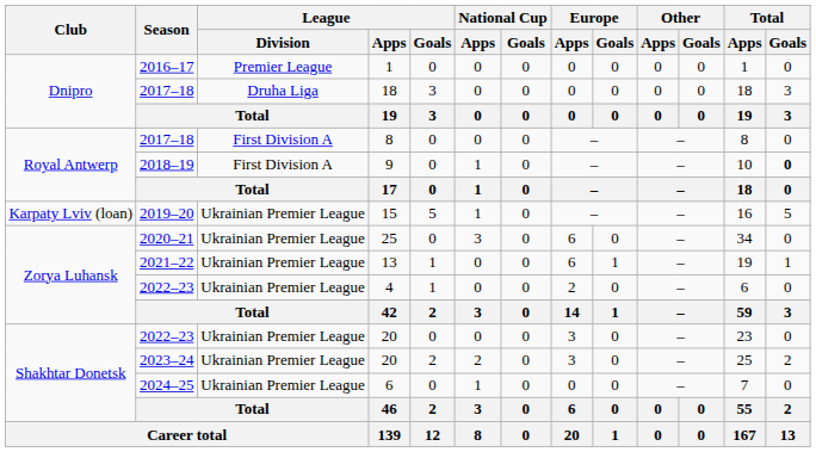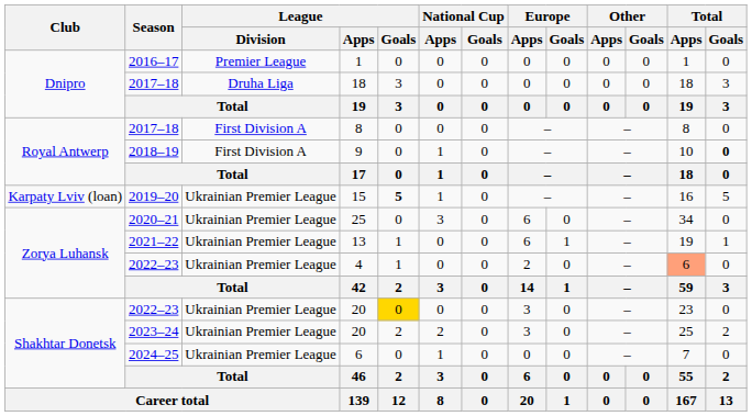 <table class="wikitable" style="text-align:center">
 <tr>
 <th rowspan="2">Club</th>
 <th rowspan="2">Season</th>
 <th colspan="3">League</th>
 <th colspan="2">National Cup</th>
 <th colspan="2">Europe</th>
 <th colspan="2">Other</th>
 <th colspan="2">Total</th>
 </tr>
 <tr>
 <th>Division</th>
 <th>Apps</th>
 <th>Goals</th>
 <th>Apps</th>
 <th>Goals</th>
 <th>Apps</th>
 <th>Goals</th>
 <th>Apps</th>
 <th>Goals</th>
 <th>Apps</th>
 <th>Goals</th>
 </tr>
 <tr>
 <td rowspan="3"><a href='#'>Dnipro</a></td>
 <td><a href='#'>2016–17</a></td>
 <td><a href='#'>Premier League</a></td>
 <td>1</td>
 <td>0</td>
 <td>0</td>
 <td>0</td>
 <td>0</td>
 <td>0</td>
 <td>0</td>
 <td>0</td>
 <td>1</td>
 <td>0</td>
 </tr>
 <tr>
 <td><a href='#'>2017–18</a></td>
 <td><a href='#'>Druha Liga</a></td>
 <td>18</td>
 <td>3</td>
 <td>0</td>
 <td>0</td>
 <td>0</td>
 <td>0</td>
 <td>0</td>
 <td>0</td>
 <td>18</td>
 <td>3</td>
 </tr>
 <tr>
 <th colspan="2">Total</th>
 <th>19</th>
 <th>3</th>
 <th>0</th>
 <th>0</th>
 <th>0</th>
 <th>0</th>
 <th>0</th>
 <th>0</th>
 <th>19</th>
 <th>3</th>
 </tr>
 <tr>
 <td rowspan="3"><a href='#'>Royal Antwerp</a></td>
 <td><a href='#'>2017–18</a></td>
 <td><a href='#'>First Division A</a></td>
 <td>8</td>
 <td>0</td>
 <td>0</td>
 <td>0</td>
 <td colspan="2">–</td>
 <td colspan="2">–</td>
 <td>8</td>
 <td>0</td>
 </tr>
 <tr>
 <td><a href='#'>2018–19</a></td>
 <td>First Division A</td>
 <td>9</td>
 <td>0</td>
 <td>1</td>
 <td>0</td>
 <td colspan="2">–</td>
 <td colspan="2">–</td>
 <td>10</td>
 <td><strong>0</strong></td>
 </tr>
 <tr>
 <th colspan="2">Total</th>
 <th>17</th>
 <th>0</th>
 <th>1</th>
 <th>0</th>
 <th colspan="2">–</th>
 <th colspan="2">–</th>
 <th>18</th>
 <th>0</th>
 </tr>
 <tr>
 <td><a href='#'>Karpaty Lviv</a> (loan)</td>
 <td><a href='#'>2019–20</a></td>
 <td>Ukrainian Premier League</td>
 <td>15</td>
-<td>5</td>
+<td><strong>5</strong></td>
 <td>1</td>
 <td>0</td>
 <td colspan="2">–</td>
 <td colspan="2">–</td>
 <td>16</td>
 <td>5</td>
 </tr>
 <tr>
 <td rowspan="4"><a href='#'>Zorya Luhansk</a></td>
 <td><a href='#'>2020–21</a></td>
 <td>Ukrainian Premier League</td>
 <td>25</td>
 <td>0</td>
 <td>3</td>
 <td>0</td>
 <td>6</td>
 <td>0</td>
 <td colspan="2">–</td>
 <td>34</td>
 <td>0</td>
 </tr>
 <tr>
 <td><a href='#'>2021–22</a></td>
 <td>Ukrainian Premier League</td>
 <td>13</td>
 <td>1</td>
 <td>0</td>
 <td>0</td>
 <td>6</td>
 <td>1</td>
 <td colspan="2">–</td>
 <td>19</td>
 <td>1</td>
 </tr>
 <tr>
 <td><a href='#'>2022–23</a></td>
 <td>Ukrainian Premier League</td>
 <td>4</td>
 <td>1</td>
 <td>0</td>
 <td>0</td>
 <td>2</td>
 <td>0</td>
 <td colspan="2">–</td>
-<td>6</td>
+<td style="background: lightsalmon;">6</td>
 <td>0</td>
 </tr>
 <tr>
 <th colspan="2">Total</th>
 <th>42</th>
 <th>2</th>
 <th>3</th>
 <th>0</th>
 <th>14</th>
 <th>1</th>
 <th colspan="2">–</th>
 <th>59</th>
 <th>3</th>
 </tr>
 <tr>
 <td rowspan="4"><a href='#'>Shakhtar Donetsk</a></td>
 <td><a href='#'>2022–23</a></td>
 <td>Ukrainian Premier League</td>
 <td>20</td>
-<td>0</td>
+<td style="background: gold;">0</td>
 <td>0</td>
 <td>0</td>
 <td>3</td>
 <td>0</td>
 <td colspan="2">–</td>
 <td>23</td>
 <td>0</td>
 </tr>
 <tr>
 <td><a href='#'>2023–24</a></td>
 <td>Ukrainian Premier League</td>
 <td>20</td>
 <td>2</td>
 <td>2</td>
 <td>0</td>
 <td>3</td>
 <td>0</td>
 <td colspan="2">–</td>
 <td>25</td>
 <td>2</td>
 </tr>
 <tr>
 <td><a href='#'>2024–25</a></td>
 <td>Ukrainian Premier League</td>
 <td>6</td>
 <td>0</td>
 <td>1</td>
 <td>0</td>
 <td>0</td>
 <td>0</td>
 <td colspan="2">–</td>
 <td>7</td>
 <td>0</td>
 </tr>
 <tr>
 <th colspan="2">Total</th>
 <th>46</th>
 <th>2</th>
 <th>3</th>
 <th>0</th>
 <th>6</th>
 <th>0</th>
 <th>0</th>
 <th>0</th>
 <th>55</th>
 <th>2</th>
 </tr>
 <tr>
 <th colspan="3">Career total</th>
 <th>139</th>
 <th>12</th>
 <th>8</th>
 <th>0</th>
 <th>20</th>
 <th>1</th>
 <th>0</th>
 <th>0</th>
 <th>167</th>
 <th>13</th>
 </tr>
 </table>
